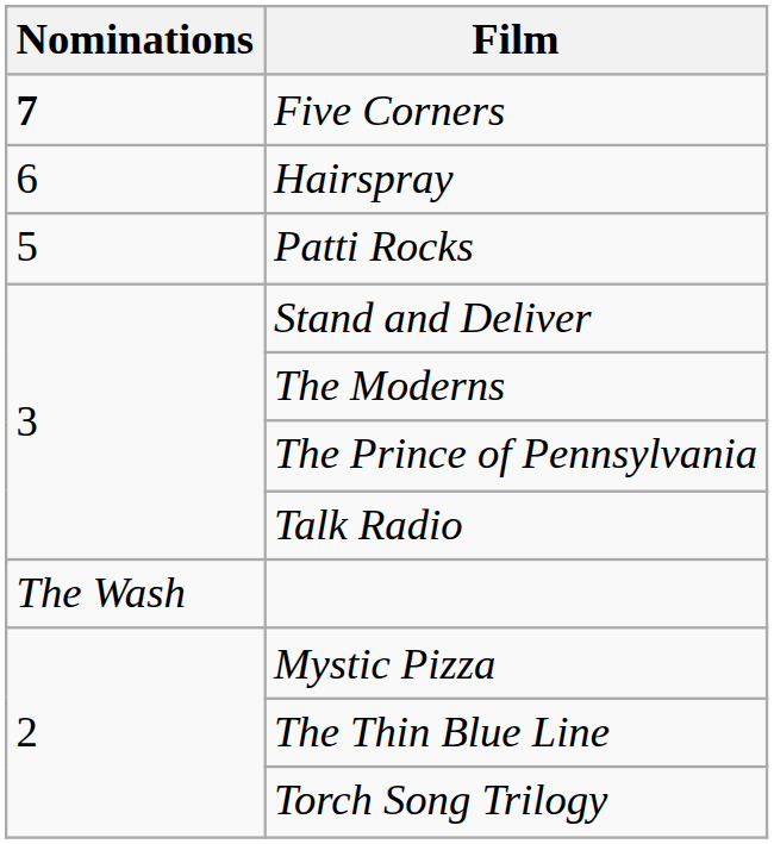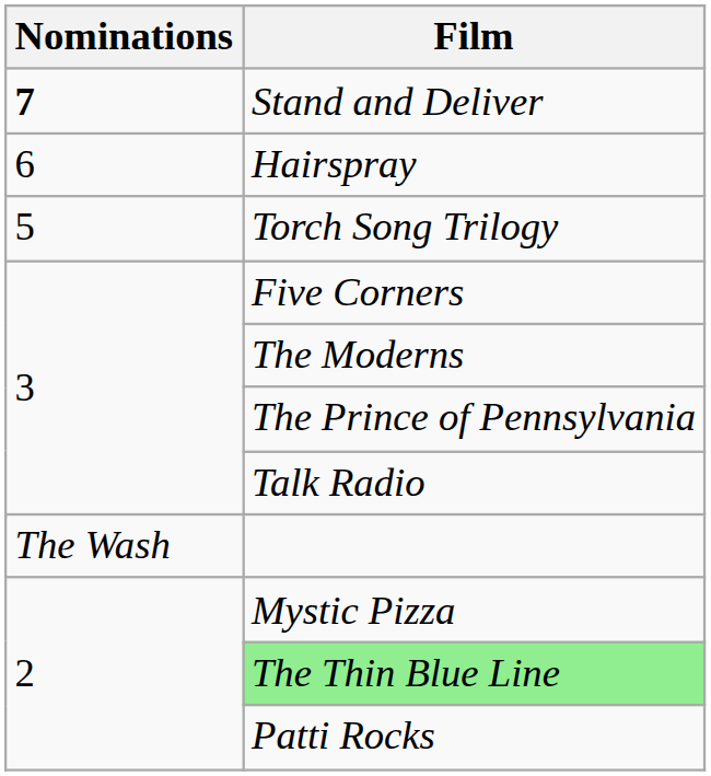 <table class="wikitable">
 <tr>
 <th>Nominations</th>
 <th>Film</th>
 </tr>
 <tr>
 <td><strong>7</strong></td>
-<td><em>Five Corners</em></td>
+<td><em>Stand and Deliver</em></td>
 </tr>
 <tr>
 <td>6</td>
 <td><em>Hairspray</em></td>
 </tr>
 <tr>
 <td>5</td>
-<td><em>Patti Rocks</em></td>
+<td><em>Torch Song Trilogy</em></td>
 </tr>
 <tr>
 <td rowspan="5">3</td>
-<td><em>Stand and Deliver</em></td>
+<td><em>Five Corners</em></td>
 </tr>
 <tr>
 <td><em>The Moderns</em></td>
 </tr>
 <tr>
 <td><em>The Prince of Pennsylvania</em></td>
 </tr>
 <tr>
 <td><em>Talk Radio</em></td>
 </tr>
 <tr>
 </tr>
 <tr>
 <td><em>The Wash</em></td>
 </tr>
 <tr>
 <td rowspan="3">2</td>
 <td><em>Mystic Pizza</em></td>
 </tr>
 <tr>
-<td><em>The Thin Blue Line</em></td>
+<td style="background: lightgreen;"><em>The Thin Blue Line</em></td>
 </tr>
 <tr>
-<td><em>Torch Song Trilogy</em></td>
+<td><em>Patti Rocks</em></td>
 </tr>
 </table>
